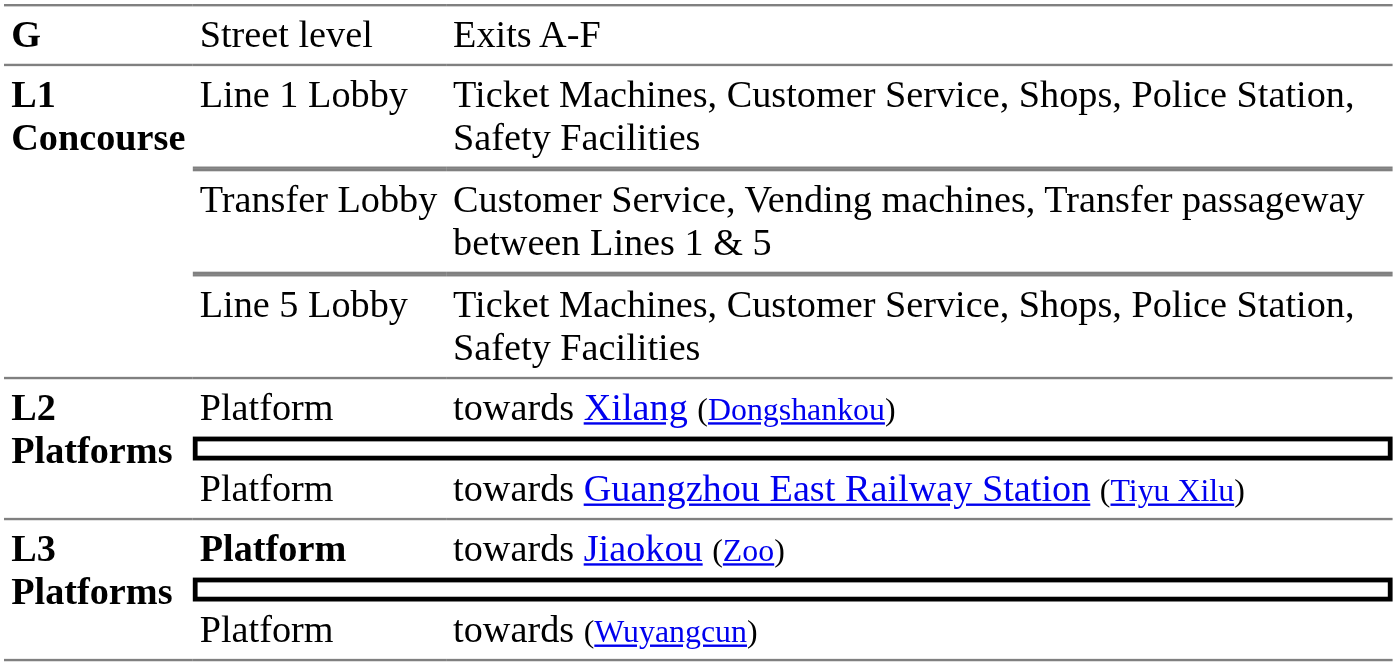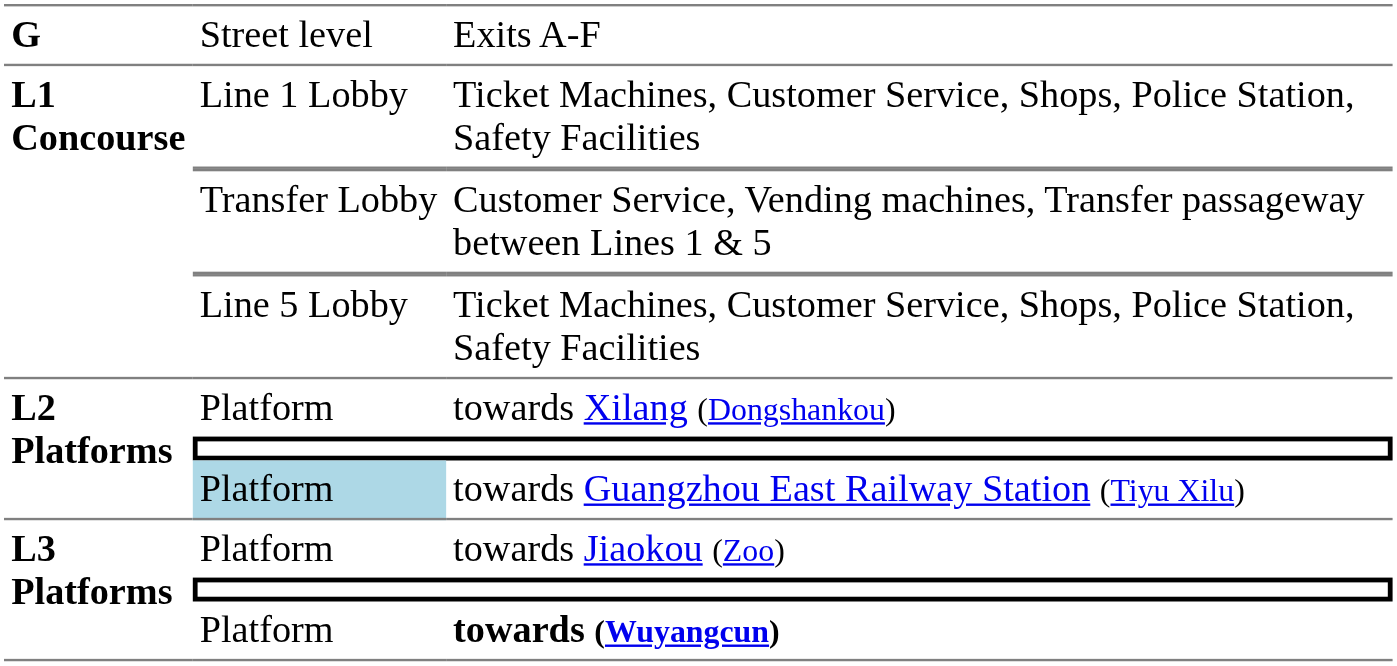 <table table border=0 cellspacing=0 cellpadding=3>
 <tr>
 <td style="border-top:solid 1px gray;" width=50 valign=top><strong>G</strong></td>
 <td style="border-top:solid 1px gray;" width=100 valign=top>Street level</td>
 <td style="border-top:solid 1px gray;" width=390 valign=top>Exits A-F</td>
 </tr>
 <tr>
 <td style="border-bottom:solid 1px gray; border-top:solid 1px gray;" valign=top rowspan=3><strong>L1<br>Concourse</strong></td>
 <td style="border-bottom:solid 1px gray; border-top:solid 1px gray;" valign=top>Line 1 Lobby</td>
 <td style="border-bottom:solid 1px gray; border-top:solid 1px gray;" valign=top>Ticket Machines, Customer Service, Shops, Police Station, Safety Facilities</td>
 </tr>
 <tr>
 <td style="border-bottom:solid 1px gray; border-top:solid 1px gray;" valign=top>Transfer Lobby</td>
 <td style="border-bottom:solid 1px gray; border-top:solid 1px gray;" valign=top>Customer Service, Vending machines, Transfer passageway between Lines 1 & 5</td>
 </tr>
 <tr>
 <td style="border-bottom:solid 1px gray; border-top:solid 1px gray;" valign=top>Line 5 Lobby</td>
 <td style="border-bottom:solid 1px gray; border-top:solid 1px gray;" valign=top>Ticket Machines, Customer Service, Shops, Police Station, Safety Facilities</td>
 </tr>
 <tr>
 <td style="border-bottom:solid 1px gray;" rowspan=3 valign=top><strong>L2<br>Platforms</strong></td>
 <td>Platform </td>
 <td>  towards <a href='#'>Xilang</a> <small>(<a href='#'>Dongshankou</a>)</small></td>
 </tr>
 <tr>
 <td style="border-right:solid 2px black;border-left:solid 2px black;border-top:solid 2px black;border-bottom:solid 2px black;text-align:center;" colspan=2></td>
 </tr>
 <tr>
-<td style="border-bottom:solid 1px gray;">Platform </td>
+<td style="background: lightblue; border-bottom:solid 1px gray;">Platform </td>
 <td style="border-bottom:solid 1px gray;"><span></span>  towards <a href='#'>Guangzhou East Railway Station</a> <small>(<a href='#'>Tiyu Xilu</a>)</small> </td>
 </tr>
 <tr>
 <td style="border-bottom:solid 1px gray;" rowspan=3 valign=top><strong>L3<br>Platforms</strong></td>
-<td><strong>Platform </strong></td>
+<td>Platform </td>
 <td>  towards <a href='#'>Jiaokou</a> <small>(<a href='#'>Zoo</a>)</small></td>
 </tr>
 <tr>
 <td style="border-right:solid 2px black;border-left:solid 2px black;border-top:solid 2px black;border-bottom:solid 2px black;text-align:center;" colspan=2></td>
 </tr>
 <tr>
 <td style="border-bottom:solid 1px gray;">Platform </td>
-<td style="border-bottom:solid 1px gray;"><span></span>  towards  <small>(<a href='#'>Wuyangcun</a>)</small> </td>
+<td style="border-bottom:solid 1px gray;"><strong><span></span>  towards  <small>(<a href='#'>Wuyangcun</a>)</small> </strong></td>
 </tr>
 </table>
